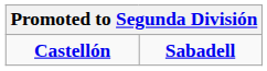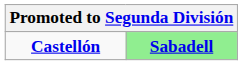 <table class="wikitable" style="text-align: center; margin: 0 auto;">
 <tr>
 <th colspan="2">Promoted to <a href='#'>Segunda División</a></th>
 </tr>
 <tr>
 <td><strong><a href='#'>Castellón</a></strong><br></td>
-<td><strong><a href='#'>Sabadell</a></strong><br></td>
+<td style="background: lightgreen;"><strong><a href='#'>Sabadell</a></strong><br></td>
 </tr>
 </table>
